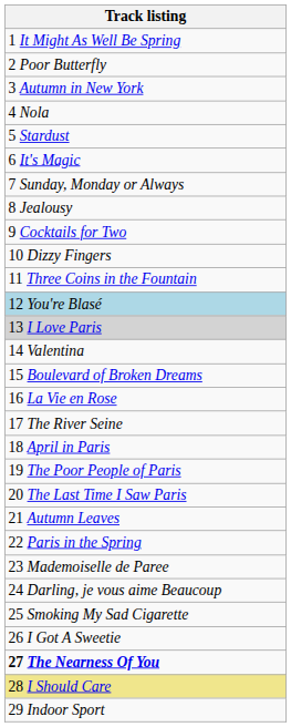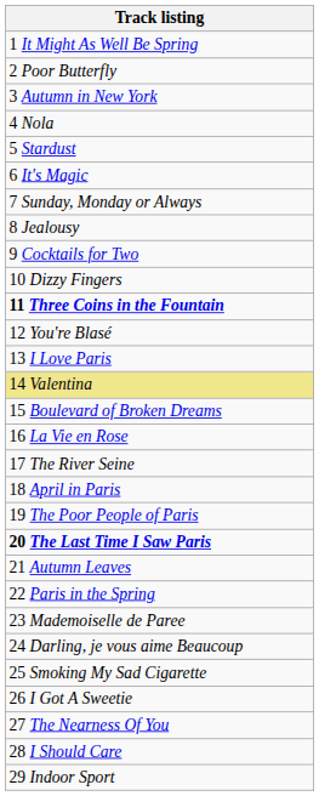 <table class="wikitable collapsible collapsed" style="width:300px;">
 <tr>
 <th>Track listing</th>
 </tr>
 <tr>
 <td>1 <em><a href='#'>It Might As Well Be Spring</a></em></td>
 </tr>
 <tr>
 <td>2 <em>Poor Butterfly</em></td>
 </tr>
 <tr>
 <td>3 <em><a href='#'>Autumn in New York</a></em></td>
 </tr>
 <tr>
 <td>4 <em>Nola</em></td>
 </tr>
 <tr>
 <td>5 <em><a href='#'>Stardust</a></em></td>
 </tr>
 <tr>
 <td>6 <em><a href='#'>It's Magic</a></em></td>
 </tr>
 <tr>
 <td>7 <em>Sunday, Monday or Always</em></td>
 </tr>
 <tr>
 <td>8 <em>Jealousy</em></td>
 </tr>
 <tr>
 <td>9 <em><a href='#'>Cocktails for Two</a></em></td>
 </tr>
 <tr>
 <td>10 <em>Dizzy Fingers</em></td>
 </tr>
 <tr>
-<td>11<em> <a href='#'>Three Coins in the Fountain</a></em></td>
+<td><strong>11<em> <a href='#'>Three Coins in the Fountain</a></em></strong></td>
 </tr>
 <tr>
-<td style="background: lightblue;">12 <em>You're Blasé</em></td>
+<td>12 <em>You're Blasé</em></td>
 </tr>
 <tr>
-<td style="background: lightgrey;">13 <em><a href='#'>I Love Paris</a></em></td>
+<td>13 <em><a href='#'>I Love Paris</a></em></td>
 </tr>
 <tr>
-<td>14 <em>Valentina</em></td>
+<td style="background: khaki;">14 <em>Valentina</em></td>
 </tr>
 <tr>
 <td>15 <em><a href='#'>Boulevard of Broken Dreams</a></em></td>
 </tr>
 <tr>
 <td>16 <em><a href='#'>La Vie en Rose</a></em></td>
 </tr>
 <tr>
 <td>17 <em>The River Seine</em></td>
 </tr>
 <tr>
 <td>18 <em><a href='#'>April in Paris</a></em></td>
 </tr>
 <tr>
 <td>19 <em><a href='#'>The Poor People of Paris</a></em></td>
 </tr>
 <tr>
-<td>20 <em><a href='#'>The Last Time I Saw Paris</a></em></td>
+<td><strong>20 <em><a href='#'>The Last Time I Saw Paris</a></em></strong></td>
 </tr>
 <tr>
 <td>21 <em><a href='#'>Autumn Leaves</a></em></td>
 </tr>
 <tr>
 <td>22 <em><a href='#'>Paris in the Spring</a></em></td>
 </tr>
 <tr>
 <td>23 <em>Mademoiselle de Paree</em></td>
 </tr>
 <tr>
 <td>24 <em>Darling, je vous aime Beaucoup</em></td>
 </tr>
 <tr>
 <td>25 <em>Smoking My Sad Cigarette</em></td>
 </tr>
 <tr>
 <td>26 <em>I Got A Sweetie</em></td>
 </tr>
 <tr>
-<td><strong>27 <em><a href='#'>The Nearness Of You</a></em></strong></td>
+<td>27 <em><a href='#'>The Nearness Of You</a></em></td>
 </tr>
 <tr>
-<td style="background: khaki;">28 <em><a href='#'>I Should Care</a></em></td>
+<td>28 <em><a href='#'>I Should Care</a></em></td>
 </tr>
 <tr>
 <td>29 <em>Indoor Sport</em></td>
 </tr>
 </table>
